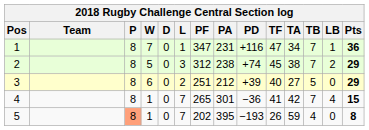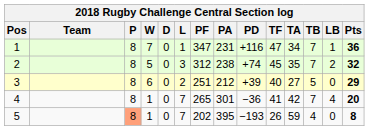 <table class="wikitable" style="text-align:center; font-size:100%; width:60%;">
 <tr>
 <th colspan="100%" cellpadding="0" cellspacing="0"><strong>2018 Rugby Challenge Central Section log</strong></th>
 </tr>
 <tr>
 <th style="width:5%;">Pos</th>
 <th style="width:35%;">Team</th>
 <th style="width:5%;">P</th>
 <th style="width:5%;">W</th>
 <th style="width:5%;">D</th>
 <th style="width:5%;">L</th>
 <th style="width:5%;">PF</th>
 <th style="width:5%;">PA</th>
 <th style="width:5%;">PD</th>
 <th style="width:5%;">TF</th>
 <th style="width:5%;">TA</th>
 <th style="width:5%;">TB</th>
 <th style="width:5%;">LB</th>
 <th style="width:5%;">Pts<br></th>
 </tr>
 <tr style="background:#E8FFD8;">
 <td>1</td>
 <td align=left></td>
 <td>8</td>
 <td>7</td>
 <td>0</td>
 <td>1</td>
 <td>347</td>
 <td>231</td>
 <td>+116</td>
 <td>47</td>
 <td>34</td>
 <td>7</td>
 <td>1</td>
 <td><strong>36</strong></td>
 </tr>
 <tr style="background:#E8FFD8;">
 <td>2</td>
 <td align=left></td>
 <td>8</td>
 <td>5</td>
 <td>0</td>
 <td>3</td>
 <td>312</td>
 <td>238</td>
 <td>+74</td>
 <td>45</td>
-<td>38</td>
+<td>35</td>
 <td>7</td>
 <td>2</td>
-<td><strong>29</strong></td>
+<td><strong>32</strong></td>
 </tr>
 <tr style="background:#FFFFCC;">
 <td>3</td>
 <td align=left></td>
 <td>8</td>
 <td>6</td>
 <td>0</td>
 <td>2</td>
 <td>251</td>
 <td>212</td>
 <td>+39</td>
 <td>40</td>
 <td>27</td>
 <td>5</td>
 <td>0</td>
 <td><strong>29</strong></td>
 </tr>
 <tr>
 <td>4</td>
 <td align=left></td>
 <td>8</td>
 <td>1</td>
 <td>0</td>
 <td>7</td>
 <td>265</td>
 <td>301</td>
 <td>−36</td>
 <td>41</td>
 <td>42</td>
 <td>7</td>
 <td>4</td>
-<td><strong>15</strong></td>
+<td><strong>20</strong></td>
 </tr>
 <tr>
 <td>5</td>
 <td align=left></td>
 <td style="background: lightsalmon;">8</td>
 <td>1</td>
 <td>0</td>
 <td>7</td>
 <td>202</td>
 <td>395</td>
 <td>−193</td>
 <td>26</td>
 <td>59</td>
 <td>4</td>
 <td>0</td>
 <td><strong>8</strong></td>
 </tr>
 </table>
